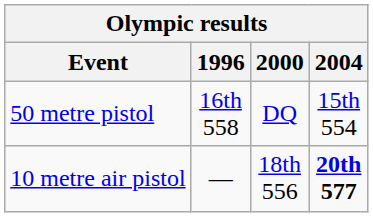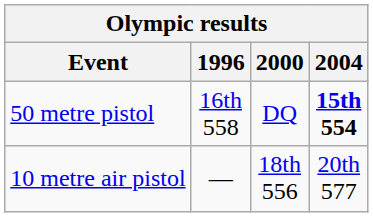 <table class="wikitable" style="text-align: center">
 <tr>
 <th colspan=4>Olympic results</th>
 </tr>
 <tr>
 <th>Event</th>
 <th>1996</th>
 <th>2000</th>
 <th>2004</th>
 </tr>
 <tr>
 <td align=left><a href='#'>50 metre pistol</a></td>
 <td><a href='#'>16th</a><br>558</td>
 <td><a href='#'>DQ</a></td>
-<td><a href='#'>15th</a><br>554</td>
+<td><strong><a href='#'>15th</a><br>554</strong></td>
 </tr>
 <tr>
 <td align=left><a href='#'>10 metre air pistol</a></td>
 <td>—</td>
 <td><a href='#'>18th</a><br>556</td>
-<td><strong><a href='#'>20th</a><br>577</strong></td>
+<td><a href='#'>20th</a><br>577</td>
 </tr>
 </table>
